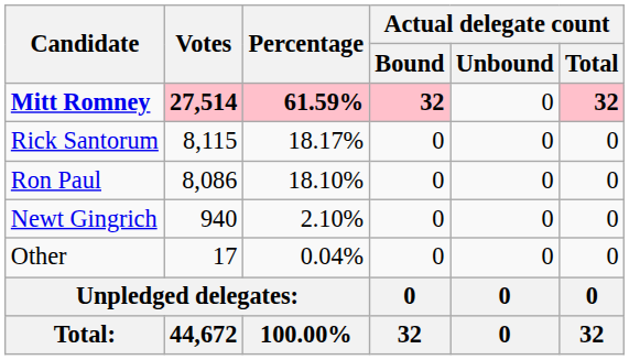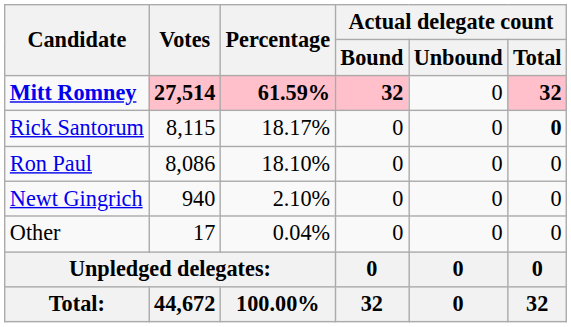 <table class="wikitable" style="text-align:right;">
 <tr>
 <th rowspan="2">Candidate</th>
 <th rowspan="2">Votes</th>
 <th rowspan="2">Percentage</th>
 <th colspan="3">Actual delegate count</th>
 </tr>
 <tr>
 <th>Bound</th>
 <th>Unbound</th>
 <th>Total</th>
 </tr>
 <tr>
 <td style="text-align:left;"> <strong><a href='#'>Mitt Romney</a></strong></td>
 <td style="background:pink;"><strong>27,514</strong></td>
 <td style="background:pink;"><strong>61.59%</strong></td>
 <td style="background:pink;"><strong>32</strong></td>
 <td>0</td>
 <td style="background:pink;"><strong>32</strong></td>
 </tr>
 <tr>
 <td style="text-align:left;"><a href='#'>Rick Santorum</a></td>
 <td>8,115</td>
 <td>18.17%</td>
 <td>0</td>
 <td>0</td>
-<td>0</td>
+<td><strong>0</strong></td>
 </tr>
 <tr>
 <td style="text-align:left;"><a href='#'>Ron Paul</a></td>
 <td>8,086</td>
 <td>18.10%</td>
 <td>0</td>
 <td>0</td>
 <td>0</td>
 </tr>
 <tr>
 <td style="text-align:left;"><a href='#'>Newt Gingrich</a></td>
 <td>940</td>
 <td>2.10%</td>
 <td>0</td>
 <td>0</td>
 <td>0</td>
 </tr>
 <tr>
 <td style="text-align:left;">Other</td>
 <td>17</td>
 <td>0.04%</td>
 <td>0</td>
 <td>0</td>
 <td>0</td>
 </tr>
 <tr style="background:#eee;">
 <th colspan="3">Unpledged delegates:</th>
 <th>0</th>
 <th>0</th>
 <th>0</th>
 </tr>
 <tr style="background:#eee;">
 <th>Total:</th>
 <th>44,672</th>
 <th>100.00%</th>
 <th>32</th>
 <th>0</th>
 <th>32</th>
 </tr>
 </table>
